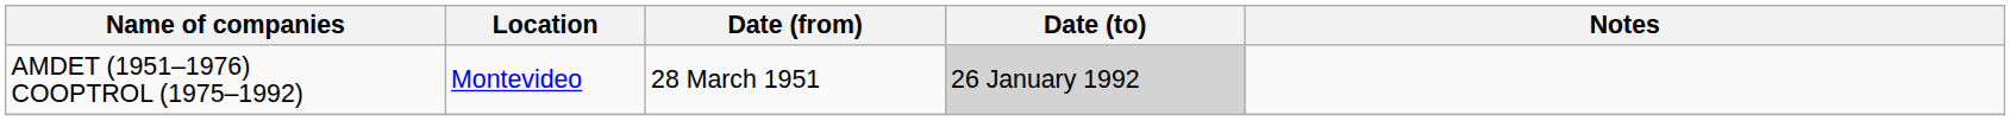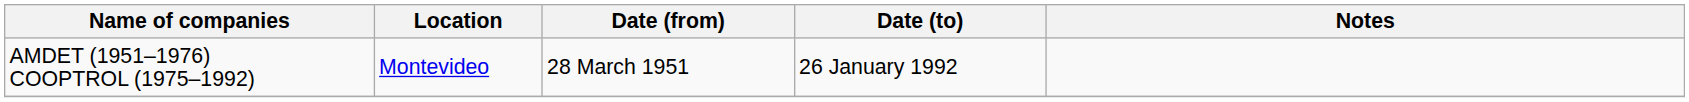 <table class="wikitable" width=100%>
 <tr>
 <th width=22%>Name of companies</th>
 <th width=10%>Location</th>
 <th width=15%>Date (from)</th>
 <th width=15%>Date (to)</th>
 <th width=38%>Notes</th>
 </tr>
 <tr>
 <td>AMDET (1951–1976)<br>COOPTROL (1975–1992)</td>
 <td><a href='#'>Montevideo</a></td>
 <td>28 March 1951</td>
-<td style="background: lightgrey;">26 January 1992</td>
+<td>26 January 1992</td>
 <td> </td>
 </tr>
 <tr>
 </tr>
 </table>
